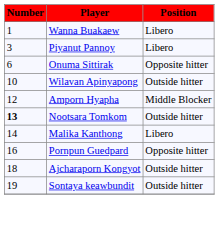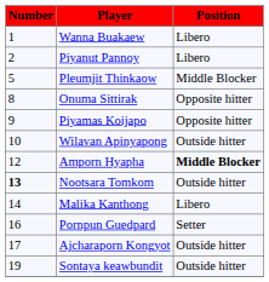 <table bgcolor="#f7f8ff" cellpadding="3" cellspacing="0" border="1" style="font-size: 95%; border: gray solid 1px; border-collapse: collapse;">
 <tr bgcolor="#ff0000">
 <td align=center><strong>Number</strong></td>
 <td align=center><strong>Player</strong></td>
 <td align=center><strong>Position</strong></td>
 </tr>
 <tr align="left">
 <td>1</td>
 <td> <a href='#'>Wanna Buakaew</a></td>
 <td>Libero</td>
 </tr>
 <tr align="left">
-<td>3</td>
+<td>2</td>
 <td> <a href='#'>Piyanut Pannoy</a></td>
 <td>Libero</td>
 </tr>
 <tr align="left">
-<td>6</td>
+<td>5</td>
+<td> <a href='#'>Pleumjit Thinkaow</a></td>
+<td>Middle Blocker</td>
+</tr>
+<tr align="left">
+<td>8</td>
 <td> <a href='#'>Onuma Sittirak</a></td>
+<td>Opposite hitter</td>
+</tr>
+<tr align="left">
+<td>9</td>
+<td> <a href='#'>Piyamas Koijapo</a></td>
 <td>Opposite hitter</td>
 </tr>
 <tr align="left">
 <td>10</td>
 <td> <a href='#'>Wilavan Apinyapong</a></td>
 <td>Outside hitter</td>
 </tr>
 <tr align="left">
 <td>12</td>
 <td> <a href='#'>Amporn Hyapha</a></td>
-<td>Middle Blocker</td>
+<td><strong>Middle Blocker</strong></td>
 </tr>
 <tr align="left">
 <td><strong>13</strong></td>
 <td> <a href='#'>Nootsara Tomkom</a></td>
 <td>Outside hitter</td>
 </tr>
 <tr align="left">
 <td>14</td>
 <td> <a href='#'>Malika Kanthong</a></td>
 <td>Libero</td>
 </tr>
 <tr align="left">
 <td>16</td>
 <td> <a href='#'>Pornpun Guedpard</a></td>
-<td>Opposite hitter</td>
+<td>Setter</td>
 </tr>
 <tr align="left">
-<td>18</td>
+<td>17</td>
 <td> <a href='#'>Ajcharaporn Kongyot</a></td>
 <td>Outside hitter</td>
 </tr>
 <tr align="left">
 <td>19</td>
 <td> <a href='#'>Sontaya keawbundit</a></td>
 <td>Outside hitter</td>
 </tr>
 <tr align="left">
 </tr>
 </table>
